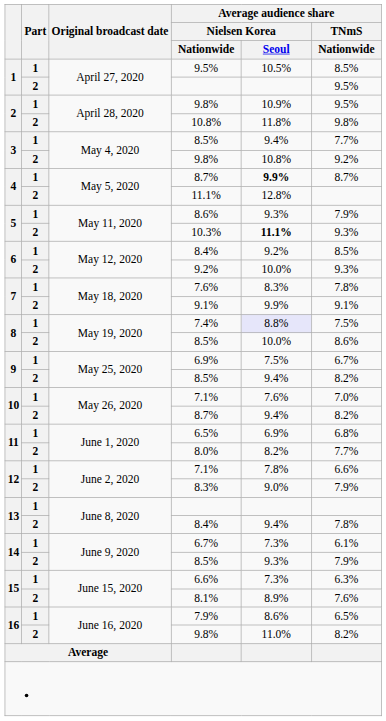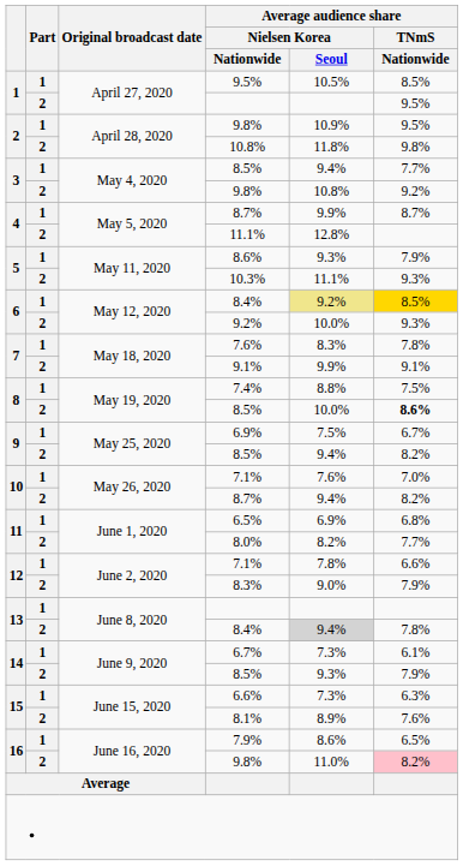 <table class="wikitable" style="text-align:center;max-width:600px; margin-left: auto; margin-right: auto; border: none;">
 <tr>
 </tr>
 <tr>
 <th rowspan="3"></th>
 <th rowspan="3">Part</th>
 <th rowspan="3">Original broadcast date</th>
 <th colspan="3">Average audience share</th>
 </tr>
 <tr>
 <th colspan="2">Nielsen Korea</th>
 <th>TNmS</th>
 </tr>
 <tr>
 <th width="90">Nationwide</th>
 <th width="90"><a href='#'>Seoul</a></th>
 <th width="90">Nationwide</th>
 </tr>
 <tr>
 <th rowspan="2">1</th>
 <th>1</th>
 <td rowspan="2">April 27, 2020</td>
 <td>9.5% </td>
 <td>10.5% </td>
 <td>8.5% </td>
 </tr>
 <tr>
 <th>2</th>
 <td> </td>
 <td> </td>
 <td>9.5% </td>
 </tr>
 <tr>
 <th rowspan="2">2</th>
 <th>1</th>
 <td rowspan="2">April 28, 2020</td>
 <td>9.8% </td>
 <td>10.9% </td>
 <td>9.5% </td>
 </tr>
 <tr>
 <th>2</th>
 <td>10.8% </td>
 <td>11.8% </td>
 <td>9.8% </td>
 </tr>
 <tr>
 <th rowspan="2">3</th>
 <th>1</th>
 <td rowspan="2">May 4, 2020</td>
 <td>8.5% </td>
 <td>9.4% </td>
 <td>7.7% </td>
 </tr>
 <tr>
 <th>2</th>
 <td>9.8% </td>
 <td>10.8% </td>
 <td>9.2% </td>
 </tr>
 <tr>
 <th rowspan="2">4</th>
 <th>1</th>
 <td rowspan="2">May 5, 2020</td>
 <td>8.7% </td>
-<td><strong>9.9% </strong></td>
+<td>9.9% </td>
 <td>8.7% </td>
 </tr>
 <tr>
 <th>2</th>
 <td>11.1% </td>
 <td>12.8% </td>
 <td> </td>
 </tr>
 <tr>
 <th rowspan="2">5</th>
 <th>1</th>
 <td rowspan="2">May 11, 2020</td>
 <td>8.6% </td>
 <td>9.3% </td>
 <td>7.9% </td>
 </tr>
 <tr>
 <th>2</th>
 <td>10.3% </td>
-<td><strong>11.1% </strong></td>
+<td>11.1% </td>
 <td>9.3% </td>
 </tr>
 <tr>
 <th rowspan="2">6</th>
 <th>1</th>
 <td rowspan="2">May 12, 2020</td>
 <td>8.4% </td>
-<td>9.2% </td>
-<td>8.5% </td>
+<td style="background: khaki;">9.2% </td>
+<td style="background: gold;">8.5% </td>
 </tr>
 <tr>
 <th>2</th>
 <td>9.2% </td>
 <td>10.0% </td>
 <td>9.3% </td>
 </tr>
 <tr>
 <th rowspan="2">7</th>
 <th>1</th>
 <td rowspan="2">May 18, 2020</td>
 <td>7.6% </td>
 <td>8.3% </td>
 <td>7.8% </td>
 </tr>
 <tr>
 <th>2</th>
 <td>9.1% </td>
 <td>9.9% </td>
 <td>9.1% </td>
 </tr>
 <tr>
 <th rowspan="2">8</th>
 <th>1</th>
 <td rowspan="2">May 19, 2020</td>
 <td>7.4% </td>
-<td style="background: lavender;">8.8% </td>
+<td>8.8% </td>
 <td>7.5% </td>
 </tr>
 <tr>
 <th>2</th>
 <td>8.5% </td>
 <td>10.0% </td>
-<td>8.6% </td>
+<td><strong>8.6% </strong></td>
 </tr>
 <tr>
 <th rowspan="2">9</th>
 <th>1</th>
 <td rowspan="2">May 25, 2020</td>
 <td>6.9% </td>
 <td>7.5% </td>
 <td>6.7% </td>
 </tr>
 <tr>
 <th>2</th>
 <td>8.5% </td>
 <td>9.4% </td>
 <td>8.2% </td>
 </tr>
 <tr>
 <th rowspan="2">10</th>
 <th>1</th>
 <td rowspan="2">May 26, 2020</td>
 <td>7.1% </td>
 <td>7.6% </td>
 <td>7.0% </td>
 </tr>
 <tr>
 <th>2</th>
 <td>8.7% </td>
 <td>9.4% </td>
 <td>8.2% </td>
 </tr>
 <tr>
 <th rowspan="2">11</th>
 <th>1</th>
 <td rowspan="2">June 1, 2020</td>
 <td>6.5% </td>
 <td>6.9% </td>
 <td>6.8% </td>
 </tr>
 <tr>
 <th>2</th>
 <td>8.0% </td>
 <td>8.2% </td>
 <td>7.7% </td>
 </tr>
 <tr>
 <th rowspan="2">12</th>
 <th>1</th>
 <td rowspan="2">June 2, 2020</td>
 <td>7.1% </td>
 <td>7.8% </td>
 <td>6.6% </td>
 </tr>
 <tr>
 <th>2</th>
 <td>8.3% </td>
 <td>9.0% </td>
 <td>7.9% </td>
 </tr>
 <tr>
 <th rowspan="2">13</th>
 <th>1</th>
 <td rowspan="2">June 8, 2020</td>
 <td> </td>
 <td> </td>
 <td> </td>
 </tr>
 <tr>
 <th>2</th>
 <td>8.4% </td>
-<td>9.4% </td>
+<td style="background: lightgrey;">9.4% </td>
 <td>7.8% </td>
 </tr>
 <tr>
 <th rowspan="2">14</th>
 <th>1</th>
 <td rowspan="2">June 9, 2020</td>
 <td>6.7% </td>
 <td>7.3% </td>
 <td>6.1% </td>
 </tr>
 <tr>
 <th>2</th>
 <td>8.5% </td>
 <td>9.3% </td>
 <td>7.9% </td>
 </tr>
 <tr>
 <th rowspan="2">15</th>
 <th>1</th>
 <td rowspan="2">June 15, 2020</td>
 <td>6.6% </td>
 <td>7.3% </td>
 <td>6.3% </td>
 </tr>
 <tr>
 <th>2</th>
 <td>8.1% </td>
 <td>8.9% </td>
 <td>7.6% </td>
 </tr>
 <tr>
 <th rowspan="2">16</th>
 <th>1</th>
 <td rowspan="2">June 16, 2020</td>
 <td>7.9% </td>
 <td>8.6% </td>
 <td>6.5% </td>
 </tr>
 <tr>
 <th>2</th>
 <td>9.8% </td>
 <td>11.0% </td>
-<td>8.2% </td>
+<td style="background: pink;">8.2% </td>
 </tr>
 <tr>
 <th colspan="3">Average</th>
 <th></th>
 <th></th>
 <th></th>
 </tr>
 <tr>
 <td colspan="6"><br><ul><li></li></ul></td>
 </tr>
 </table>
